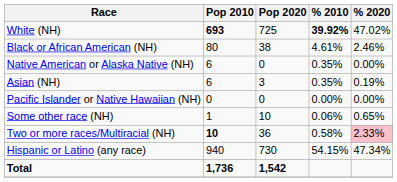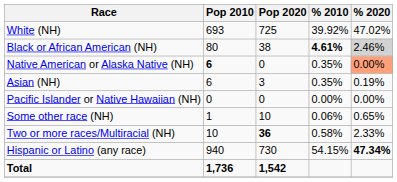 <table class="wikitable">
 <tr>
 <th>Race</th>
 <th>Pop 2010</th>
 <th>Pop 2020</th>
 <th>% 2010</th>
 <th>% 2020</th>
 </tr>
 <tr>
 <td><a href='#'>White</a> (NH)</td>
-<td><strong>693</strong></td>
+<td>693</td>
 <td>725</td>
-<td><strong>39.92%</strong></td>
+<td>39.92%</td>
 <td>47.02%</td>
 </tr>
 <tr>
 <td><a href='#'>Black or African American</a> (NH)</td>
 <td>80</td>
 <td>38</td>
-<td>4.61%</td>
-<td>2.46%</td>
+<td><strong>4.61%</strong></td>
+<td style="background: lightgrey;">2.46%</td>
 </tr>
 <tr>
 <td><a href='#'>Native American</a> or <a href='#'>Alaska Native</a> (NH)</td>
-<td>6</td>
+<td><strong>6</strong></td>
 <td>0</td>
 <td>0.35%</td>
-<td>0.00%</td>
+<td style="background: lightsalmon;">0.00%</td>
 </tr>
 <tr>
 <td><a href='#'>Asian</a> (NH)</td>
 <td>6</td>
 <td>3</td>
 <td>0.35%</td>
 <td>0.19%</td>
 </tr>
 <tr>
 <td><a href='#'>Pacific Islander</a> or <a href='#'>Native Hawaiian</a> (NH)</td>
 <td>0</td>
 <td>0</td>
 <td>0.00%</td>
 <td>0.00%</td>
 </tr>
 <tr>
 <td><a href='#'>Some other race</a> (NH)</td>
 <td>1</td>
 <td>10</td>
 <td>0.06%</td>
 <td>0.65%</td>
 </tr>
 <tr>
 <td><a href='#'>Two or more races/Multiracial</a> (NH)</td>
-<td><strong>10</strong></td>
-<td>36</td>
+<td>10</td>
+<td><strong>36</strong></td>
 <td>0.58%</td>
-<td style="background: pink;">2.33%</td>
+<td>2.33%</td>
 </tr>
 <tr>
 <td><a href='#'>Hispanic or Latino</a> (any race)</td>
 <td>940</td>
 <td>730</td>
 <td>54.15%</td>
-<td>47.34%</td>
+<td><strong>47.34%</strong></td>
 </tr>
 <tr>
 <td><strong>Total</strong></td>
 <td><strong>1,736</strong></td>
 <td><strong>1,542</strong></td>
 <td></td>
 <td></td>
 </tr>
 <tr>
 </tr>
 </table>
